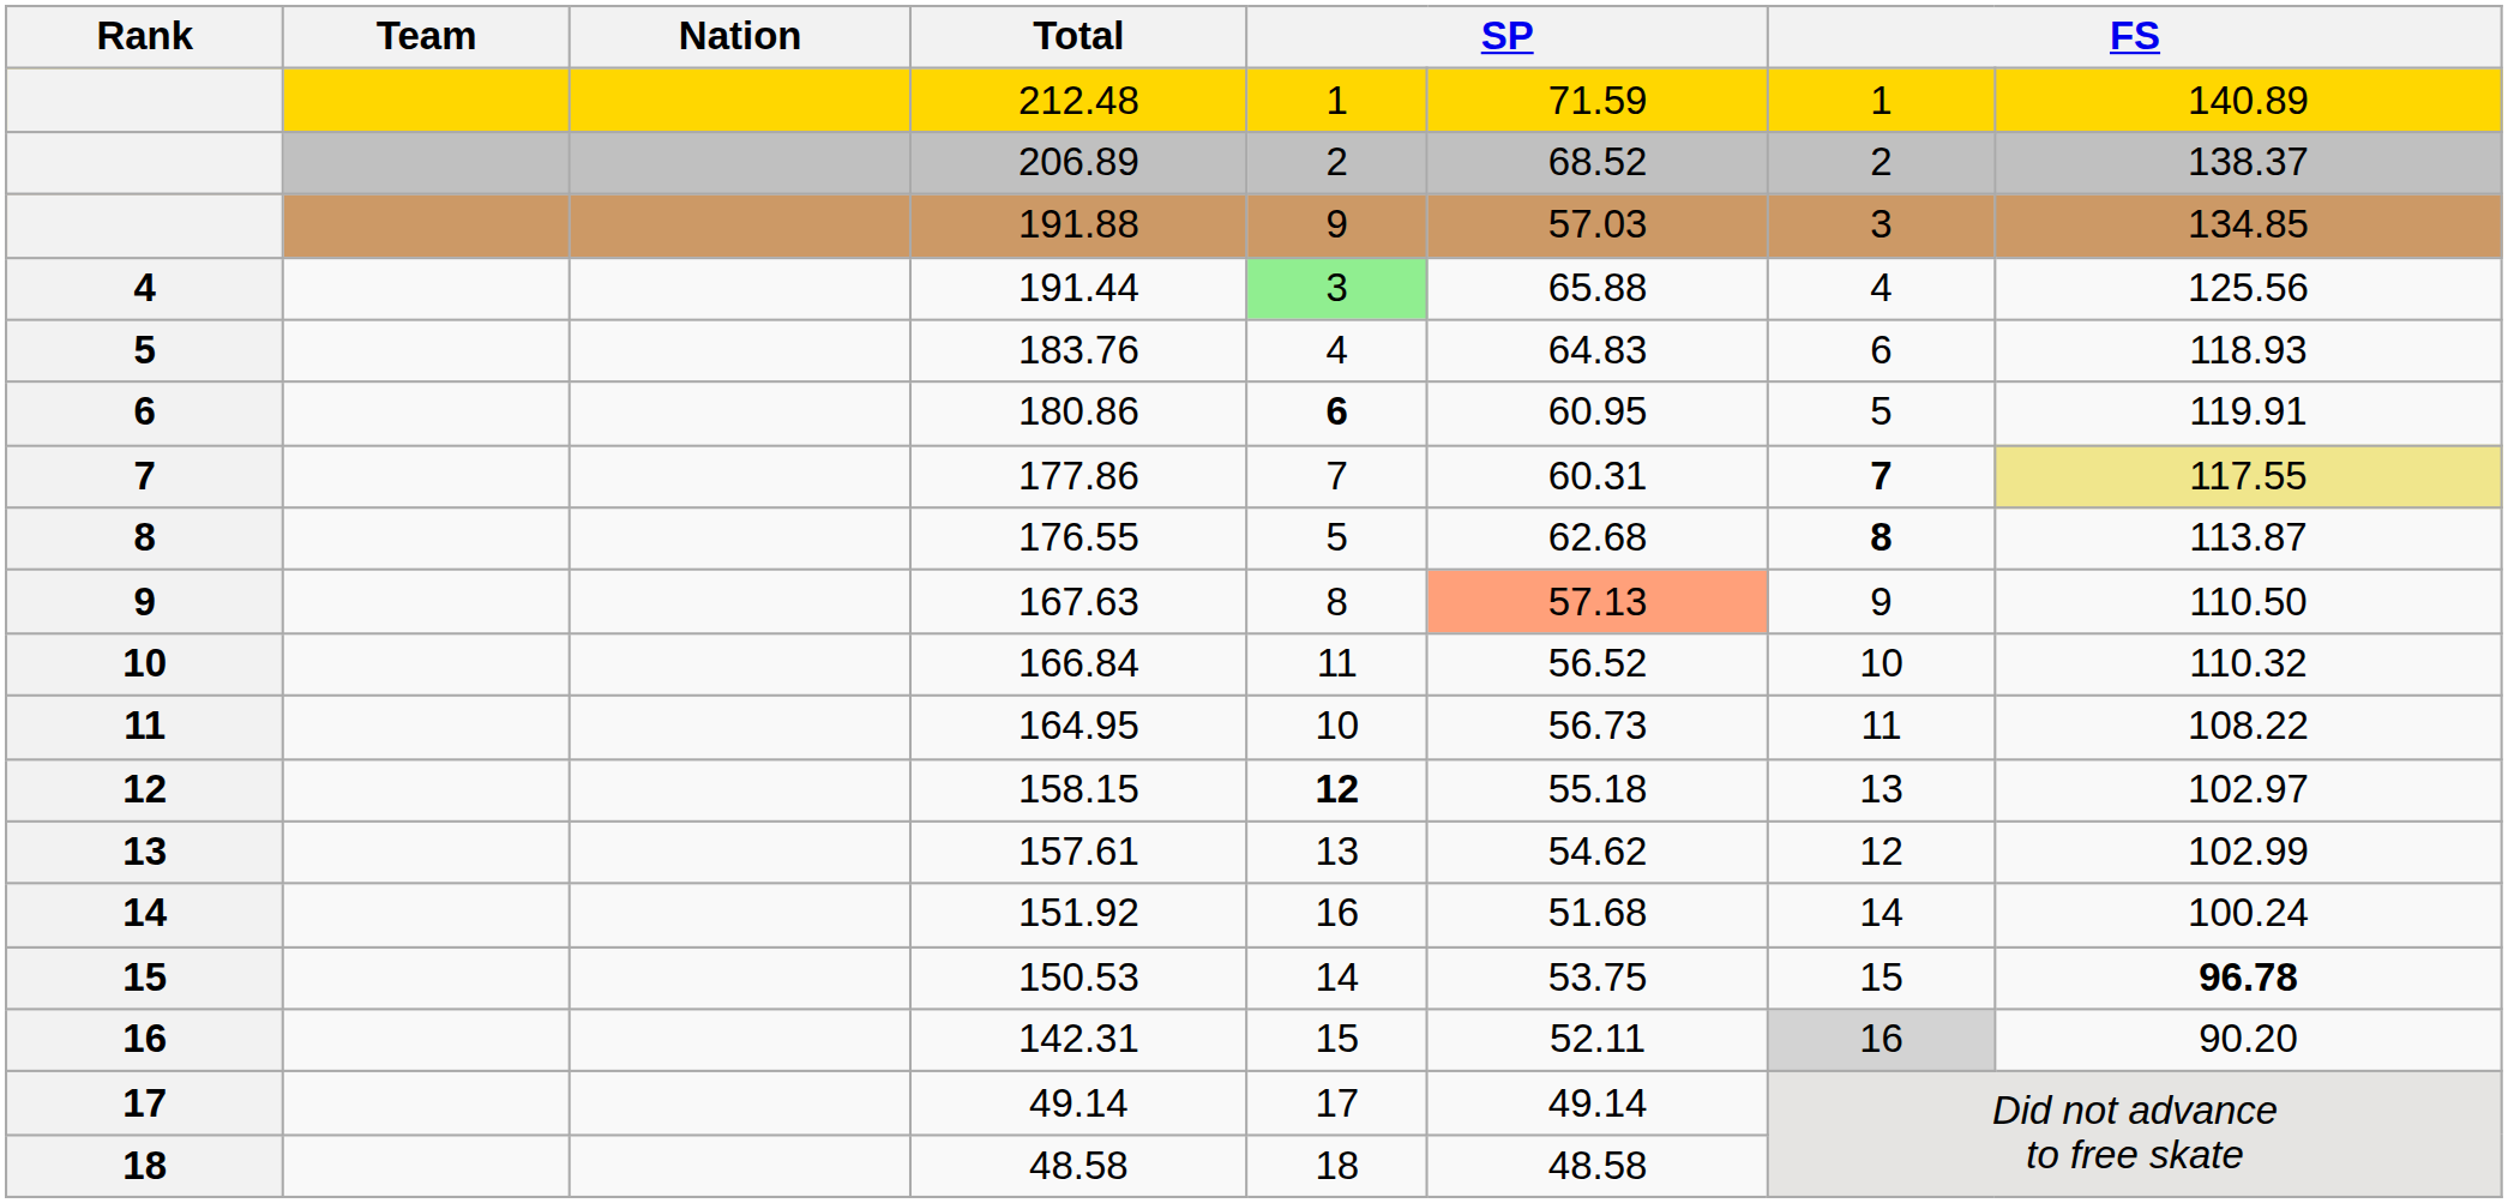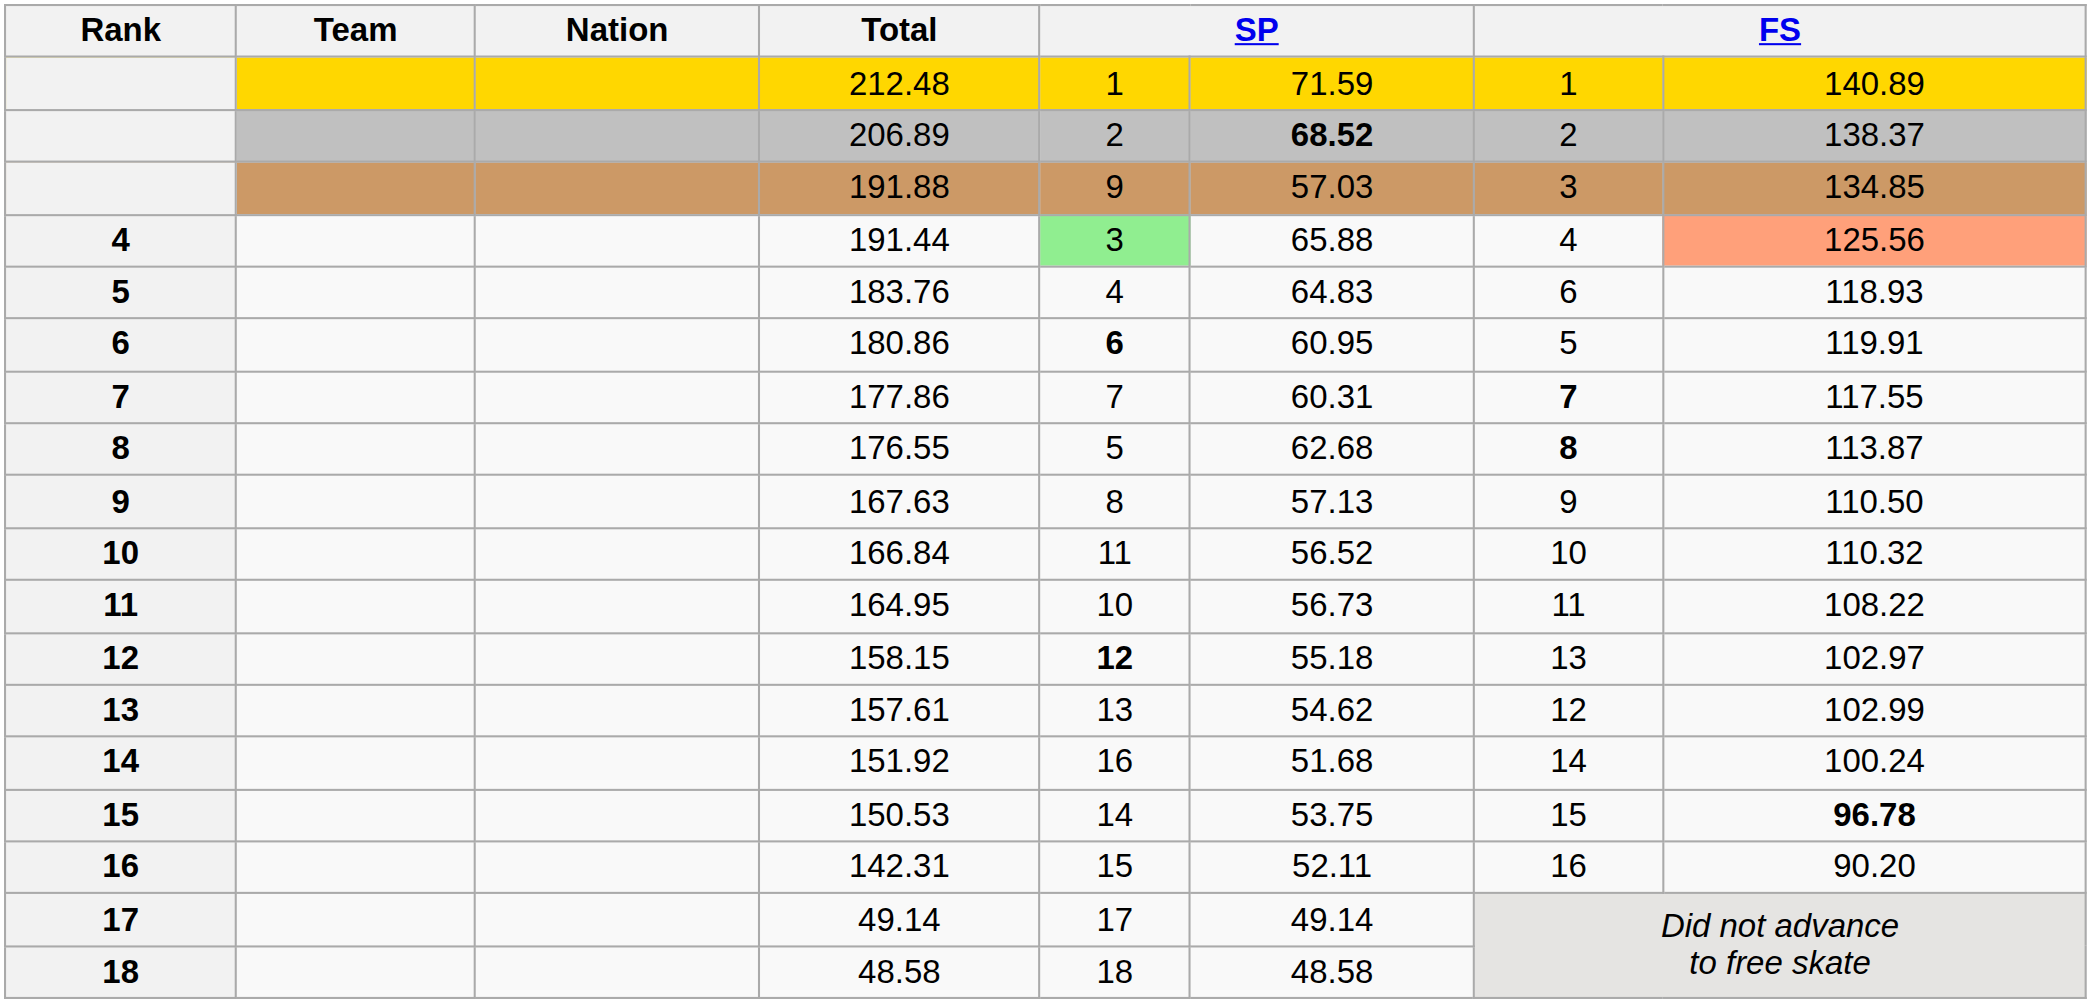 <table class="wikitable sortable" style="text-align:center; width:80%">
 <tr>
 <th scope="col">Rank</th>
 <th scope="col">Team</th>
 <th scope="col">Nation</th>
 <th scope="col">Total</th>
 <th colspan="2" scope="col" width="80px"><a href='#'>SP</a></th>
 <th colspan="2" scope="col" width="80px"><a href='#'>FS</a></th>
 </tr>
 <tr bgcolor="gold">
 <th scope="row"></th>
 <td align="left"></td>
 <td align="left"></td>
 <td>212.48</td>
 <td>1</td>
 <td>71.59</td>
 <td>1</td>
 <td>140.89</td>
 </tr>
 <tr bgcolor="silver">
 <th scope="row"></th>
 <td align="left"></td>
 <td align="left"></td>
 <td>206.89</td>
 <td>2</td>
-<td>68.52</td>
+<td><strong>68.52</strong></td>
 <td>2</td>
 <td>138.37</td>
 </tr>
 <tr bgcolor="cc9966">
 <th scope="row"></th>
 <td align="left"></td>
 <td align="left"></td>
 <td>191.88</td>
 <td>9</td>
 <td>57.03</td>
 <td>3</td>
 <td>134.85</td>
 </tr>
 <tr>
 <th scope="row">4</th>
 <td align="left"></td>
 <td align="left"></td>
 <td>191.44</td>
 <td style="background: lightgreen;">3</td>
 <td>65.88</td>
 <td>4</td>
-<td>125.56</td>
+<td style="background: lightsalmon;">125.56</td>
 </tr>
 <tr>
 <th scope="row">5</th>
 <td align="left"></td>
 <td align="left"></td>
 <td>183.76</td>
 <td>4</td>
 <td>64.83</td>
 <td>6</td>
 <td>118.93</td>
 </tr>
 <tr>
 <th scope="row">6</th>
 <td align="left"></td>
 <td align="left"></td>
 <td>180.86</td>
 <td><strong>6</strong></td>
 <td>60.95</td>
 <td>5</td>
 <td>119.91</td>
 </tr>
 <tr>
 <th scope="row">7</th>
 <td align="left"></td>
 <td align="left"></td>
 <td>177.86</td>
 <td>7</td>
 <td>60.31</td>
 <td><strong>7</strong></td>
-<td style="background: khaki;">117.55</td>
+<td>117.55</td>
 </tr>
 <tr>
 <th scope="row">8</th>
 <td align="left"></td>
 <td align="left"></td>
 <td>176.55</td>
 <td>5</td>
 <td>62.68</td>
 <td><strong>8</strong></td>
 <td>113.87</td>
 </tr>
 <tr>
 <th scope="row">9</th>
 <td align="left"></td>
 <td align="left"></td>
 <td>167.63</td>
 <td>8</td>
-<td style="background: lightsalmon;">57.13</td>
+<td>57.13</td>
 <td>9</td>
 <td>110.50</td>
 </tr>
 <tr>
 <th scope="row">10</th>
 <td align="left"></td>
 <td align="left"></td>
 <td>166.84</td>
 <td>11</td>
 <td>56.52</td>
 <td>10</td>
 <td>110.32</td>
 </tr>
 <tr>
 <th scope="row">11</th>
 <td align="left"></td>
 <td align="left"></td>
 <td>164.95</td>
 <td>10</td>
 <td>56.73</td>
 <td>11</td>
 <td>108.22</td>
 </tr>
 <tr>
 <th scope="row">12</th>
 <td align="left"></td>
 <td align="left"></td>
 <td>158.15</td>
 <td><strong>12</strong></td>
 <td>55.18</td>
 <td>13</td>
 <td>102.97</td>
 </tr>
 <tr>
 <th scope="row">13</th>
 <td align="left"></td>
 <td align="left"></td>
 <td>157.61</td>
 <td>13</td>
 <td>54.62</td>
 <td>12</td>
 <td>102.99</td>
 </tr>
 <tr>
 <th scope="row">14</th>
 <td align="left"></td>
 <td align="left"></td>
 <td>151.92</td>
 <td>16</td>
 <td>51.68</td>
 <td>14</td>
 <td>100.24</td>
 </tr>
 <tr>
 <th scope="row">15</th>
 <td align="left"></td>
 <td align="left"></td>
 <td>150.53</td>
 <td>14</td>
 <td>53.75</td>
 <td>15</td>
 <td><strong>96.78</strong></td>
 </tr>
 <tr>
 <th scope="row">16</th>
 <td align="left"></td>
 <td align="left"></td>
 <td>142.31</td>
 <td>15</td>
 <td>52.11</td>
-<td style="background: lightgrey;">16</td>
+<td>16</td>
 <td>90.20</td>
 </tr>
 <tr>
 <th scope="row">17</th>
 <td align="left"></td>
 <td align="left"></td>
 <td>49.14</td>
 <td>17</td>
 <td>49.14</td>
 <td colspan="2" rowspan="2" bgcolor="e5e4e2"><em>Did not advance<br>to free skate</em></td>
 </tr>
 <tr>
 <th scope="row">18</th>
 <td align="left"></td>
 <td align="left"></td>
 <td>48.58</td>
 <td>18</td>
 <td>48.58</td>
 </tr>
 </table>
